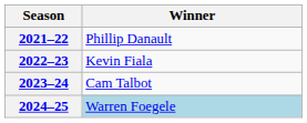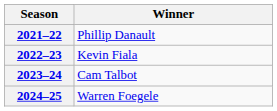 <table class="wikitable">
 <tr>
 <th scope="col" style="width:5em">Season</th>
 <th scope="col" style="width:15em">Winner</th>
 </tr>
 <tr>
 <th scope="row"><a href='#'>2021–22</a></th>
 <td><a href='#'>Phillip Danault</a></td>
 </tr>
 <tr>
 <th scope="row"><a href='#'>2022–23</a></th>
 <td><a href='#'>Kevin Fiala</a></td>
 </tr>
 <tr>
 <th scope="row"><a href='#'>2023–24</a></th>
 <td><a href='#'>Cam Talbot</a></td>
 </tr>
 <tr>
 <th scope="row"><a href='#'>2024–25</a></th>
-<td style="background: lightblue;"><a href='#'>Warren Foegele</a></td>
+<td><a href='#'>Warren Foegele</a></td>
 </tr>
 </table>
